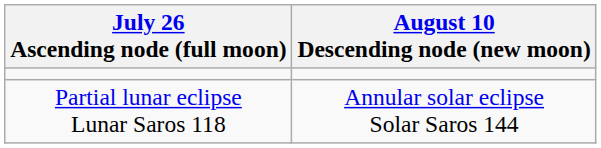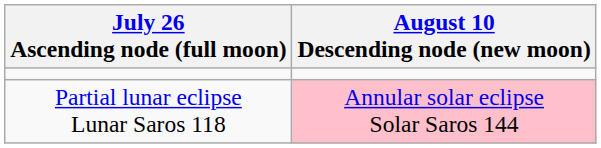 <table class="wikitable">
 <tr>
 <th><a href='#'>July 26</a><br>Ascending node (full moon)</th>
 <th><a href='#'>August 10</a><br>Descending node (new moon)</th>
 </tr>
 <tr>
 <td></td>
 <td></td>
 </tr>
 <tr align=center>
 <td><a href='#'>Partial lunar eclipse</a><br>Lunar Saros 118</td>
-<td><a href='#'>Annular solar eclipse</a><br>Solar Saros 144</td>
+<td style="background: pink;"><a href='#'>Annular solar eclipse</a><br>Solar Saros 144</td>
 </tr>
 </table>
